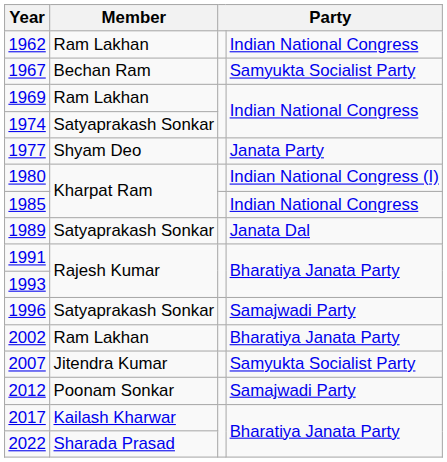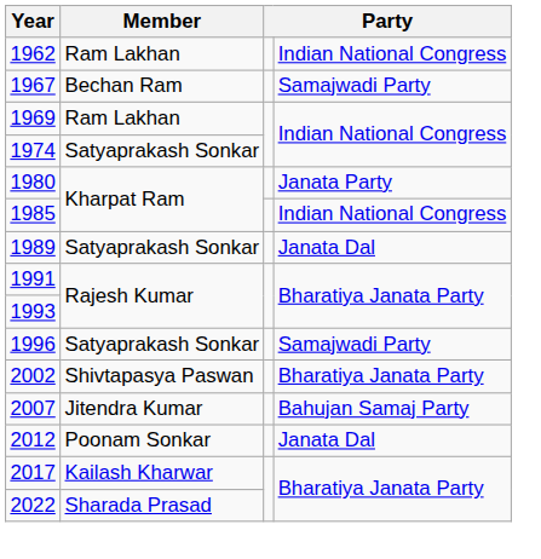 <table class="wikitable">
 <tr>
 <th>Year</th>
 <th>Member</th>
 <th colspan="2">Party</th>
 </tr>
 <tr>
 <td><a href='#'>1962</a></td>
 <td>Ram Lakhan</td>
 <td style="background-color: "></td>
 <td><a href='#'>Indian National Congress</a></td>
 </tr>
 <tr>
 <td><a href='#'>1967</a></td>
 <td>Bechan Ram</td>
 <td style="background-color: "></td>
-<td><a href='#'>Samyukta Socialist Party</a></td>
+<td><a href='#'>Samajwadi Party</a></td>
 </tr>
 <tr>
 <td><a href='#'>1969</a></td>
 <td>Ram Lakhan</td>
 <td rowspan="2" style="background-color: "></td>
 <td rowspan="2"><a href='#'>Indian National Congress</a></td>
 </tr>
 <tr>
 <td><a href='#'>1974</a></td>
 <td>Satyaprakash Sonkar</td>
 </tr>
 <tr>
-<td><a href='#'>1977</a></td>
-<td>Shyam Deo</td>
-<td style="background-color: "></td>
-<td><a href='#'>Janata Party</a></td>
-</tr>
-<tr>
 <td><a href='#'>1980</a></td>
 <td rowspan="2">Kharpat Ram</td>
 <td style="background-color: "></td>
-<td><a href='#'>Indian National Congress (I)</a></td>
+<td><a href='#'>Janata Party</a></td>
 </tr>
 <tr>
 <td><a href='#'>1985</a></td>
 <td style="background-color: "></td>
 <td><a href='#'>Indian National Congress</a></td>
 </tr>
 <tr>
 <td><a href='#'>1989</a></td>
 <td>Satyaprakash Sonkar</td>
 <td style="background-color: "></td>
 <td><a href='#'>Janata Dal</a></td>
 </tr>
 <tr>
 <td><a href='#'>1991</a></td>
 <td rowspan="2">Rajesh Kumar</td>
 <td rowspan="2" style="background-color: "></td>
 <td rowspan="2"><a href='#'>Bharatiya Janata Party</a></td>
 </tr>
 <tr>
 <td><a href='#'>1993</a></td>
 </tr>
 <tr>
 <td><a href='#'>1996</a></td>
 <td>Satyaprakash Sonkar</td>
 <td style="background-color: "></td>
 <td><a href='#'>Samajwadi Party</a></td>
 </tr>
 <tr>
 <td><a href='#'>2002</a></td>
-<td>Ram Lakhan</td>
+<td>Shivtapasya Paswan</td>
 <td style="background-color: "></td>
 <td><a href='#'>Bharatiya Janata Party</a></td>
 </tr>
 <tr>
 <td><a href='#'>2007</a></td>
 <td>Jitendra Kumar</td>
 <td style="background-color: "></td>
-<td><a href='#'>Samyukta Socialist Party</a></td>
+<td><a href='#'>Bahujan Samaj Party</a></td>
 </tr>
 <tr>
 <td><a href='#'>2012</a></td>
 <td>Poonam Sonkar</td>
 <td style="background-color: "></td>
-<td><a href='#'>Samajwadi Party</a></td>
+<td><a href='#'>Janata Dal</a></td>
 </tr>
 <tr>
 <td><a href='#'>2017</a></td>
 <td><a href='#'>Kailash Kharwar</a></td>
 <td rowspan="2" style="background-color: "></td>
 <td rowspan="2"><a href='#'>Bharatiya Janata Party</a></td>
 </tr>
 <tr>
 <td><a href='#'>2022</a></td>
 <td><a href='#'>Sharada Prasad</a></td>
 </tr>
 </table>
